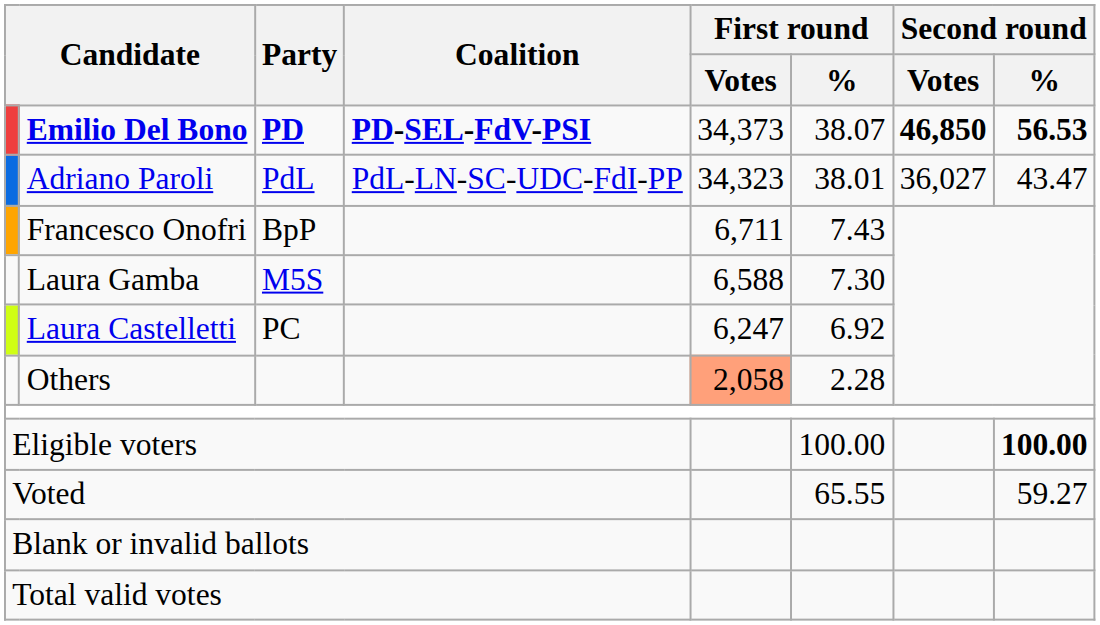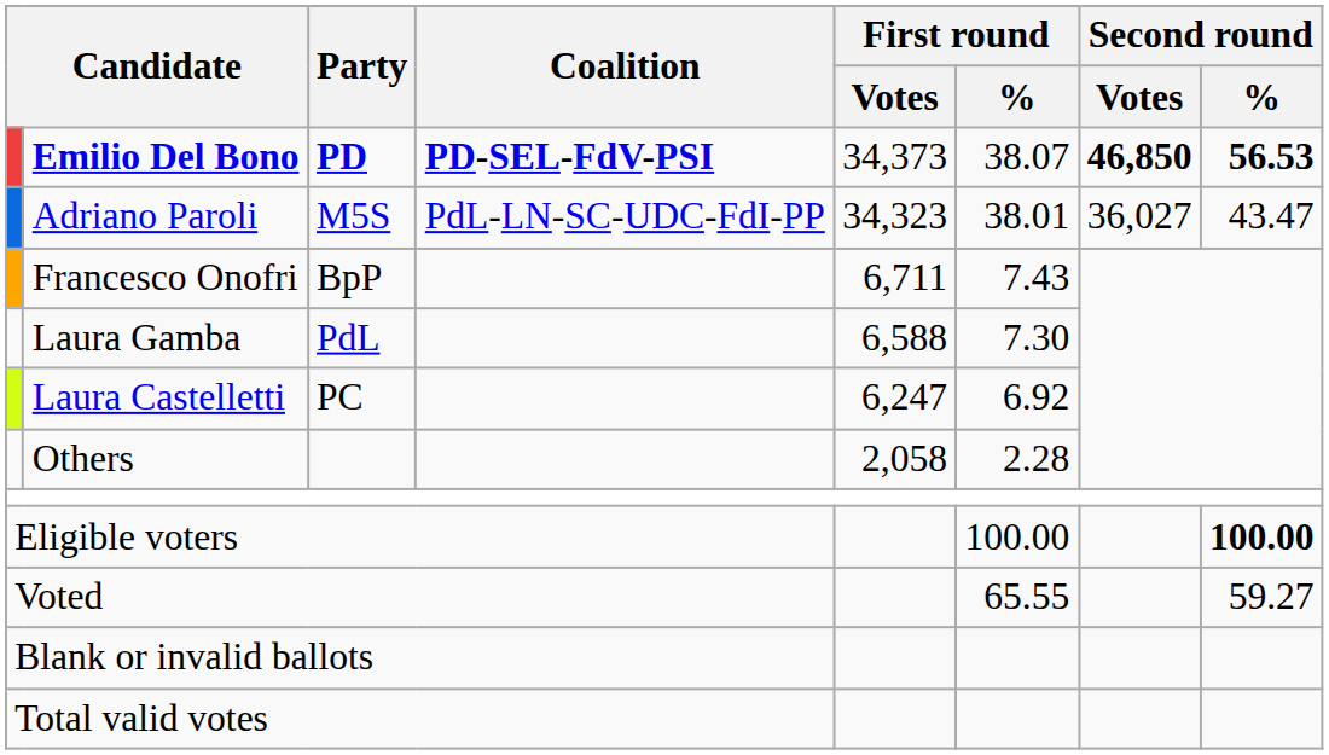 <table class="wikitable centre">
 <tr>
 <th scope="col" rowspan=2 colspan=2>Candidate</th>
 <th scope="col" rowspan=2 colspan=1>Party</th>
 <th scope="col" rowspan=2 colspan=1>Coalition</th>
 <th scope="col" colspan=2>First round</th>
 <th scope="col" colspan=2>Second round</th>
 </tr>
 <tr>
 <th scope="col">Votes</th>
 <th scope="col">%</th>
 <th scope="col">Votes</th>
 <th scope="col">%</th>
 </tr>
 <tr>
 <td bgcolor="#EF3E3E"></td>
 <td><strong><a href='#'>Emilio Del Bono</a></strong></td>
 <td><strong><a href='#'>PD</a></strong></td>
 <td><strong><a href='#'>PD</a>-<a href='#'>SEL</a>-<a href='#'>FdV</a>-<a href='#'>PSI</a></strong></td>
 <td style="text-align: right">34,373</td>
 <td style="text-align: right">38.07</td>
 <td style="text-align: right"><strong>46,850</strong></td>
 <td style="text-align: right"><strong>56.53</strong></td>
 </tr>
 <tr>
 <td bgcolor="#0A6BE1"></td>
 <td><a href='#'>Adriano Paroli</a></td>
-<td><a href='#'>PdL</a></td>
+<td><a href='#'>M5S</a></td>
 <td><a href='#'>PdL</a>-<a href='#'>LN</a>-<a href='#'>SC</a>-<a href='#'>UDC</a>-<a href='#'>FdI</a>-<a href='#'>PP</a></td>
 <td style="text-align: right">34,323</td>
 <td style="text-align: right">38.01</td>
 <td style="text-align: right">36,027</td>
 <td style="text-align: right">43.47</td>
 </tr>
 <tr>
 <td bgcolor="orange"></td>
 <td>Francesco Onofri</td>
 <td>BpP</td>
 <td></td>
 <td style="text-align: right">6,711</td>
 <td style="text-align: right">7.43</td>
 </tr>
 <tr>
 <td></td>
 <td>Laura Gamba</td>
-<td><a href='#'>M5S</a></td>
+<td><a href='#'>PdL</a></td>
 <td></td>
 <td style="text-align: right">6,588</td>
 <td style="text-align: right">7.30</td>
 </tr>
 <tr>
 <td bgcolor="#D0FF14"></td>
 <td><a href='#'>Laura Castelletti</a></td>
 <td>PC</td>
 <td></td>
 <td style="text-align: right">6,247</td>
 <td style="text-align: right">6.92</td>
 </tr>
 <tr>
 <td bgcolor=""></td>
 <td>Others</td>
 <td></td>
 <td></td>
-<td style="background: lightsalmon; text-align: right">2,058</td>
+<td style="text-align: right">2,058</td>
 <td style="text-align: right">2.28</td>
 </tr>
 <tr bgcolor=white>
 <td colspan=8></td>
 </tr>
 <tr>
 <td colspan=4>Eligible voters</td>
 <td style="text-align: right"></td>
 <td style="text-align: right">100.00</td>
 <td style="text-align: right"></td>
 <td style="text-align: right"><strong>100.00</strong></td>
 </tr>
 <tr>
 <td colspan=4>Voted</td>
 <td style="text-align: right"></td>
 <td style="text-align: right">65.55</td>
 <td style="text-align: right"></td>
 <td style="text-align: right">59.27</td>
 </tr>
 <tr>
 <td colspan=4>Blank or invalid ballots</td>
 <td style="text-align: right"></td>
 <td style="text-align: right"></td>
 <td style="text-align: right"></td>
 <td style="text-align: right"></td>
 </tr>
 <tr>
 <td colspan=4>Total valid votes</td>
 <td style="text-align: right"></td>
 <td style="text-align: right"></td>
 <td style="text-align: right"></td>
 <td style="text-align: right"></td>
 </tr>
 </table>
